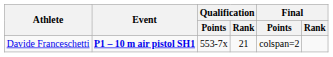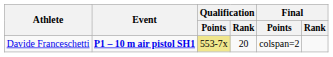 <table class="wikitable" style="font-size:90%">
 <tr>
 <th rowspan="2">Athlete</th>
 <th rowspan="2">Event</th>
 <th colspan="2">Qualification</th>
 <th colspan="2">Final</th>
 </tr>
 <tr style="font-size:95%">
 <th>Points</th>
 <th>Rank</th>
 <th>Points</th>
 <th>Rank</th>
 </tr>
 <tr align=center>
 <td align=left><a href='#'>Davide Franceschetti</a></td>
 <td align=left><strong><a href='#'>P1 – 10 m air pistol SH1</a></strong></td>
-<td>553-7x</td>
-<td>21</td>
+<td style="background: khaki;">553-7x</td>
+<td>20</td>
 <td>colspan=2 </td>
 </tr>
 </table>
